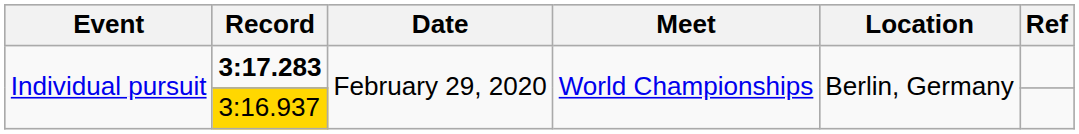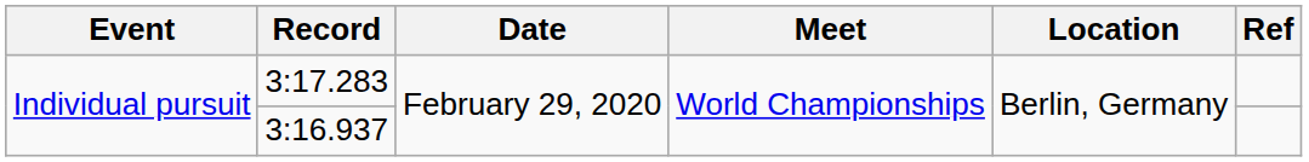 <table class="wikitable">
 <tr>
 <th>Event</th>
 <th>Record</th>
 <th>Date</th>
 <th>Meet</th>
 <th>Location</th>
 <th>Ref</th>
 </tr>
 <tr>
 <td rowspan=2><a href='#'>Individual pursuit</a></td>
-<td><strong>3:17.283</strong></td>
+<td>3:17.283</td>
 <td rowspan=2>February 29, 2020</td>
 <td rowspan=2><a href='#'>World Championships</a></td>
 <td rowspan=2> Berlin, Germany</td>
 <td></td>
 </tr>
 <tr>
-<td style="background: gold;">3:16.937</td>
+<td>3:16.937</td>
 <td></td>
 </tr>
 </table>
